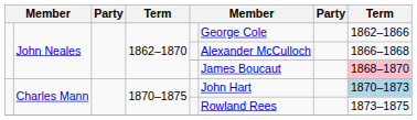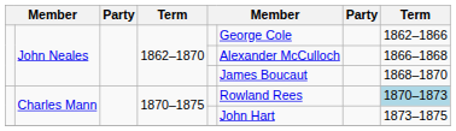 <table class="wikitable">
 <tr>
 <th colspan=2>Member</th>
 <th>Party</th>
 <th>Term</th>
 <th colspan=2>Member</th>
 <th>Party</th>
 <th>Term</th>
 </tr>
 <tr>
 <td rowspan=3 > </td>
 <td rowspan=3><a href='#'>John Neales</a></td>
 <td rowspan=3></td>
 <td rowspan=3>1862–1870</td>
 <td> </td>
 <td><a href='#'>George Cole</a></td>
 <td></td>
 <td>1862–1866</td>
 </tr>
 <tr>
 <td> </td>
 <td><a href='#'>Alexander McCulloch</a></td>
 <td></td>
 <td>1866–1868</td>
 </tr>
 <tr>
 <td> </td>
 <td><a href='#'>James Boucaut</a></td>
 <td></td>
-<td style="background: pink;">1868–1870</td>
+<td>1868–1870</td>
 </tr>
 <tr>
 <td rowspan=2 > </td>
 <td rowspan=2><a href='#'>Charles Mann</a></td>
 <td rowspan=2></td>
 <td rowspan=2>1870–1875</td>
 <td> </td>
-<td><a href='#'>John Hart</a></td>
+<td><a href='#'>Rowland Rees</a></td>
 <td></td>
 <td style="background: lightblue;">1870–1873</td>
 </tr>
 <tr>
 <td> </td>
-<td><a href='#'>Rowland Rees</a></td>
+<td><a href='#'>John Hart</a></td>
 <td></td>
 <td>1873–1875</td>
 </tr>
 <tr>
 </tr>
 </table>
